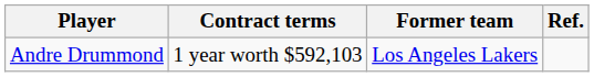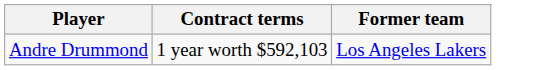 <table class="wikitable sortable sortable" style="text-align: center">
 <tr>
 <th>Player</th>
 <th>Contract terms</th>
 <th>Former team</th>
-<th>Ref.</th>
 </tr>
 <tr>
 <td><a href='#'>Andre Drummond</a></td>
 <td>1 year worth $592,103</td>
 <td><a href='#'>Los Angeles Lakers</a></td>
-<td></td>
 </tr>
 </table>
